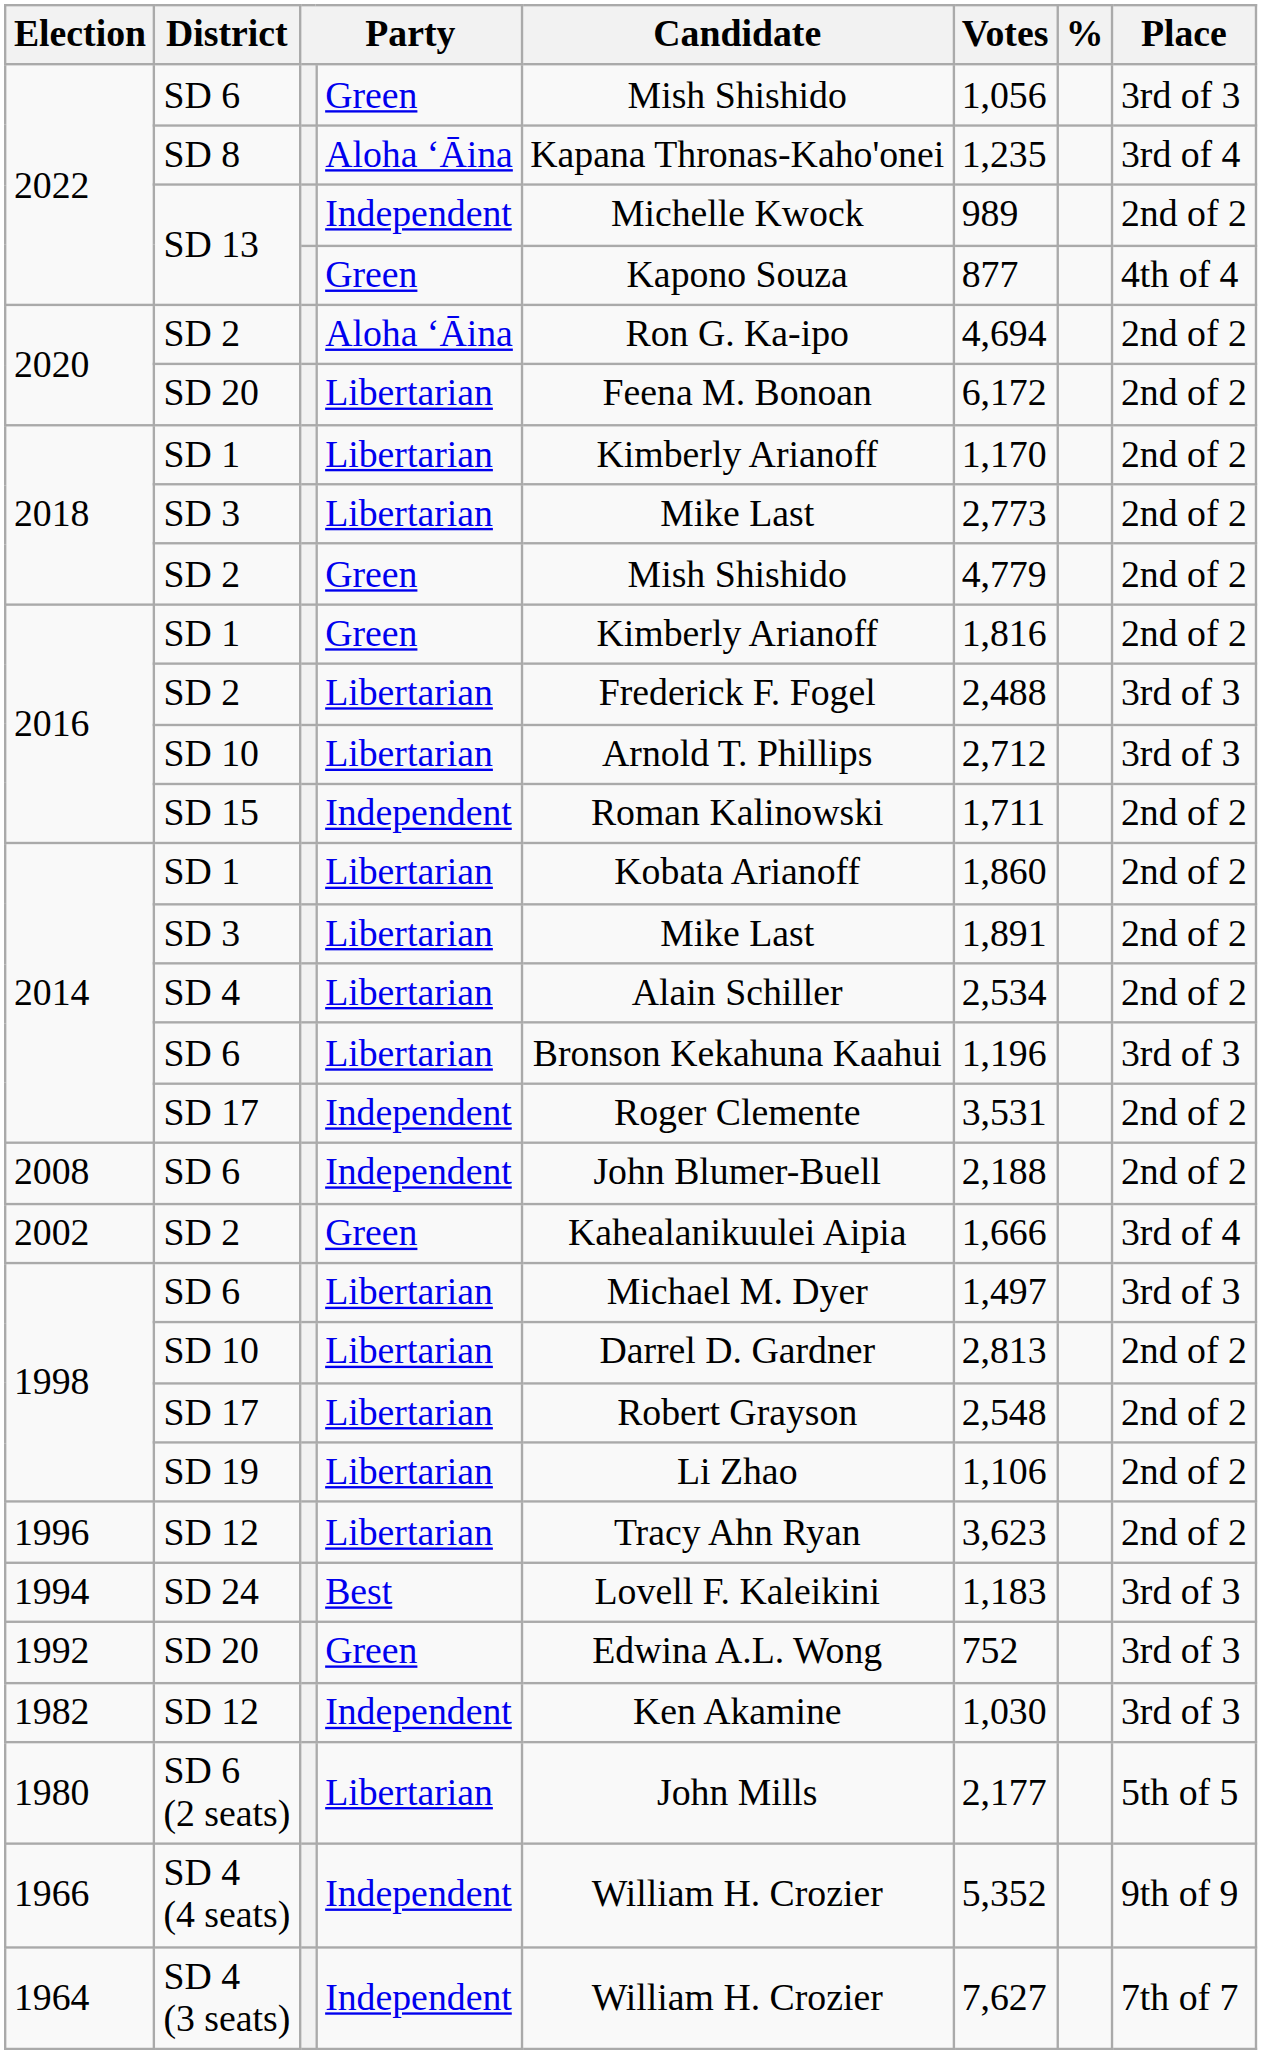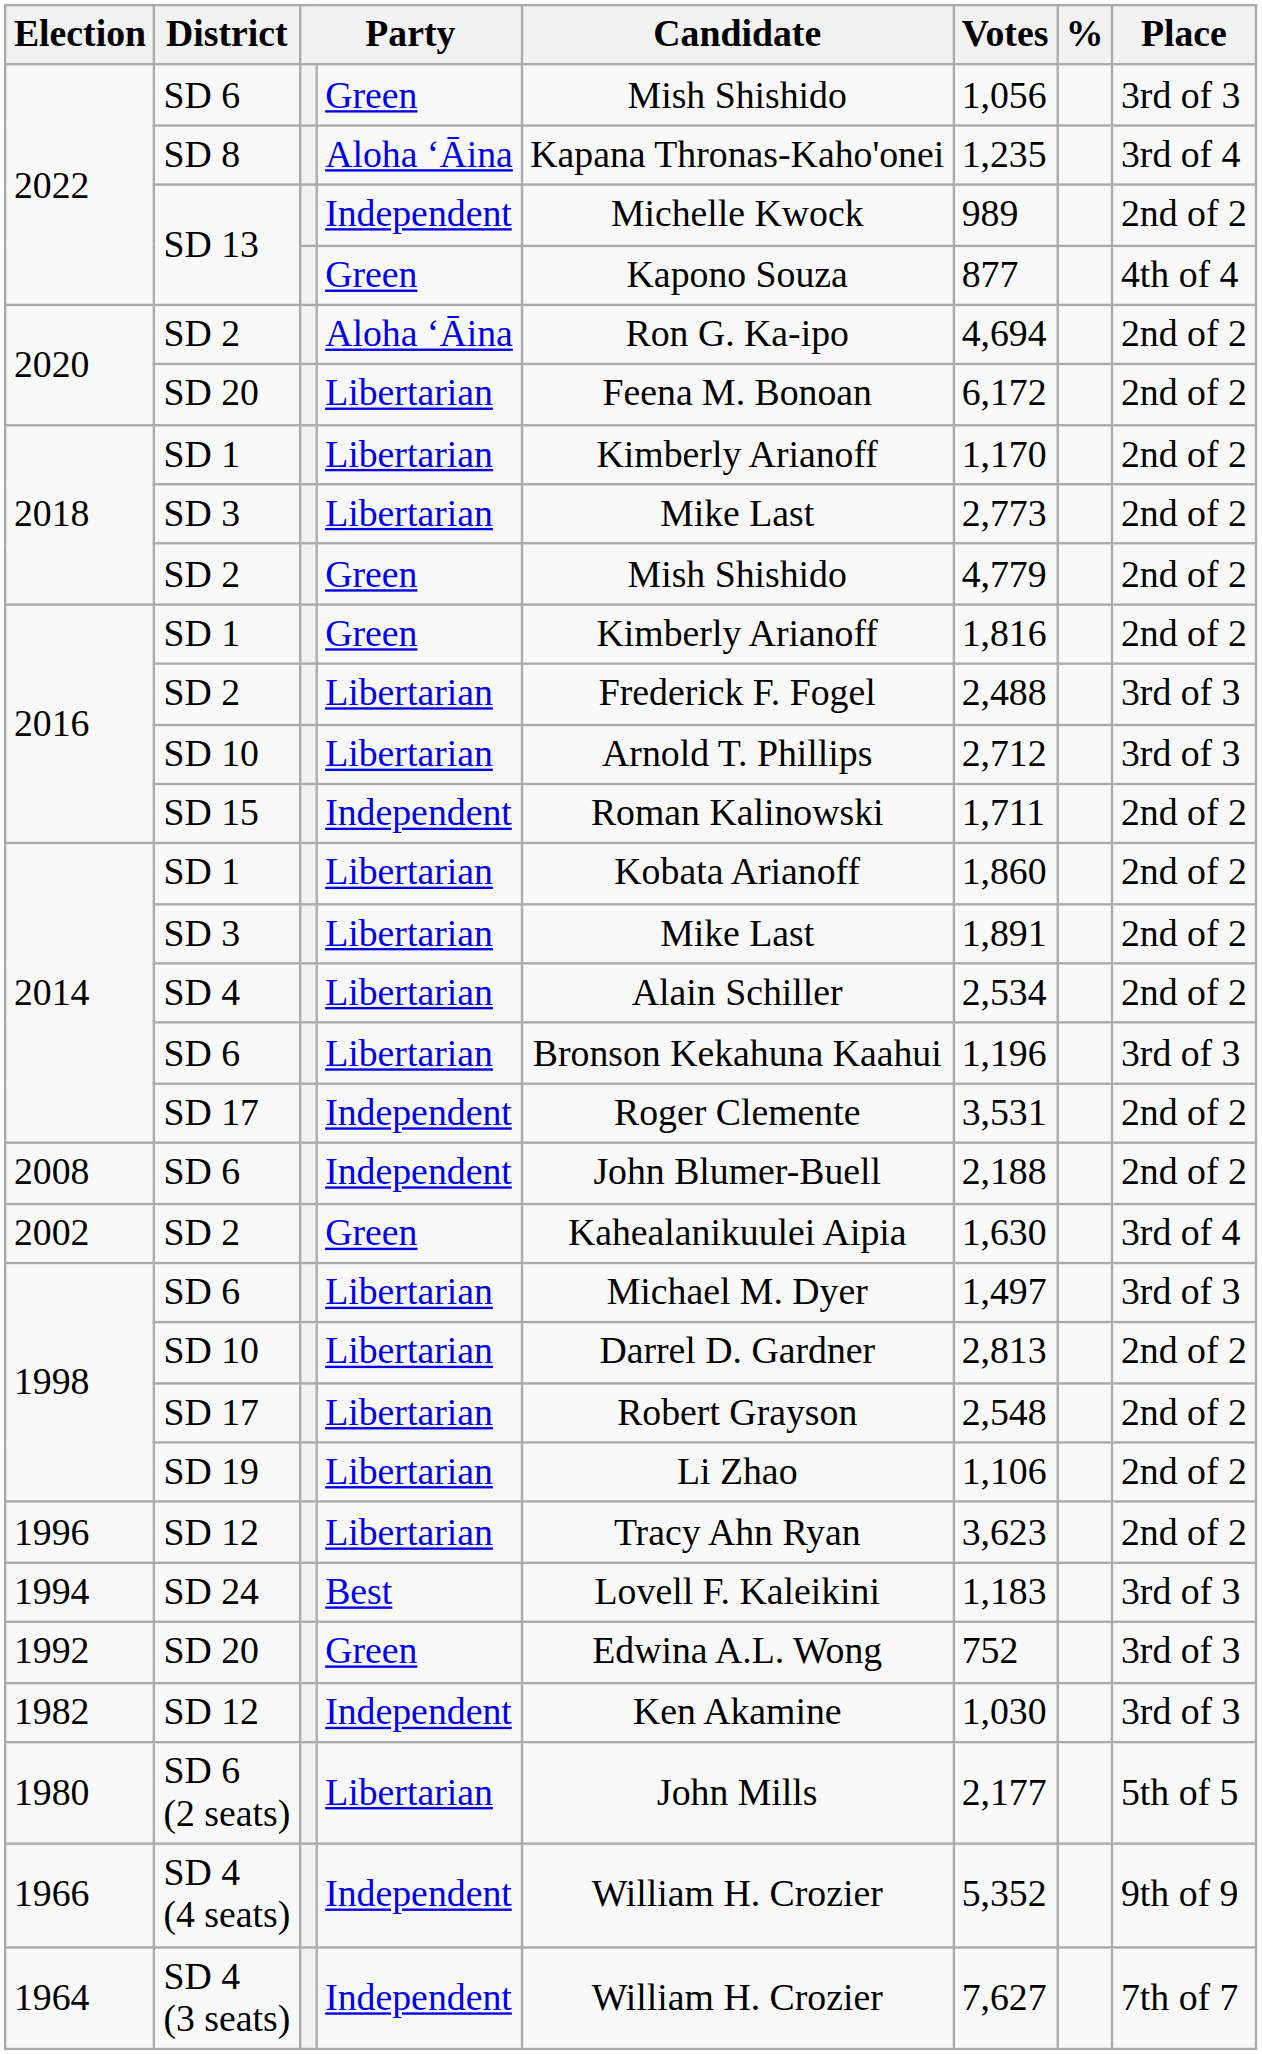 <table class="wikitable sortable">
 <tr>
 <th>Election</th>
 <th>District</th>
 <th colspan=2>Party</th>
 <th>Candidate</th>
 <th>Votes</th>
 <th>%</th>
 <th>Place</th>
 </tr>
 <tr>
 <td rowspan=4>2022</td>
 <td>SD 6</td>
 <th style="background-color:"></th>
 <td><a href='#'>Green</a></td>
 <td align="center">Mish Shishido</td>
 <td>1,056</td>
 <td></td>
 <td>3rd of 3</td>
 </tr>
 <tr>
 <td>SD 8</td>
 <th style="background-color:"></th>
 <td><a href='#'>Aloha ʻĀina</a></td>
 <td align="center">Kapana Thronas-Kaho'onei</td>
 <td>1,235</td>
 <td></td>
 <td>3rd of 4</td>
 </tr>
 <tr>
 <td rowspan=2>SD 13</td>
 <th style="background-color:"></th>
 <td><a href='#'>Independent</a></td>
 <td align="center">Michelle Kwock</td>
 <td>989</td>
 <td></td>
 <td>2nd of 2</td>
 </tr>
 <tr>
 <th style="background-color:"></th>
 <td><a href='#'>Green</a></td>
 <td align="center">Kapono Souza</td>
 <td>877</td>
 <td></td>
 <td>4th of 4</td>
 </tr>
 <tr>
 <td rowspan=2>2020</td>
 <td>SD 2</td>
 <th style="background-color:"></th>
 <td><a href='#'>Aloha ʻĀina</a></td>
 <td align="center">Ron G. Ka-ipo</td>
 <td>4,694</td>
 <td></td>
 <td>2nd of 2</td>
 </tr>
 <tr>
 <td>SD 20</td>
 <th style="background-color:"></th>
 <td><a href='#'>Libertarian</a></td>
 <td align="center">Feena M. Bonoan</td>
 <td>6,172</td>
 <td></td>
 <td>2nd of 2</td>
 </tr>
 <tr>
 <td rowspan=3>2018</td>
 <td>SD 1</td>
 <th style="background-color:"></th>
 <td><a href='#'>Libertarian</a></td>
 <td align="center">Kimberly Arianoff</td>
 <td>1,170</td>
 <td></td>
 <td>2nd of 2</td>
 </tr>
 <tr>
 <td>SD 3</td>
 <th style="background-color:"></th>
 <td><a href='#'>Libertarian</a></td>
 <td align="center">Mike Last</td>
 <td>2,773</td>
 <td></td>
 <td>2nd of 2</td>
 </tr>
 <tr>
 <td>SD 2</td>
 <th style="background-color:"></th>
 <td><a href='#'>Green</a></td>
 <td align="center">Mish Shishido</td>
 <td>4,779</td>
 <td></td>
 <td>2nd of 2</td>
 </tr>
 <tr>
 <td rowspan=4>2016</td>
 <td>SD 1</td>
 <th style="background-color:"></th>
 <td><a href='#'>Green</a></td>
 <td align="center">Kimberly Arianoff</td>
 <td>1,816</td>
 <td></td>
 <td>2nd of 2</td>
 </tr>
 <tr>
 <td>SD 2</td>
 <th style="background-color:"></th>
 <td><a href='#'>Libertarian</a></td>
 <td align="center">Frederick F. Fogel</td>
 <td>2,488</td>
 <td></td>
 <td>3rd of 3</td>
 </tr>
 <tr>
 <td>SD 10</td>
 <th style="background-color:"></th>
 <td><a href='#'>Libertarian</a></td>
 <td align="center">Arnold T. Phillips</td>
 <td>2,712</td>
 <td></td>
 <td>3rd of 3</td>
 </tr>
 <tr>
 <td>SD 15</td>
 <th style="background-color:"></th>
 <td><a href='#'>Independent</a></td>
 <td align="center">Roman Kalinowski</td>
 <td>1,711</td>
 <td></td>
 <td>2nd of 2</td>
 </tr>
 <tr>
 <td rowspan=5>2014</td>
 <td>SD 1</td>
 <th style="background-color:"></th>
 <td><a href='#'>Libertarian</a></td>
 <td align="center">Kobata Arianoff</td>
 <td>1,860</td>
 <td></td>
 <td>2nd of 2</td>
 </tr>
 <tr>
 <td>SD 3</td>
 <th style="background-color:"></th>
 <td><a href='#'>Libertarian</a></td>
 <td align="center">Mike Last</td>
 <td>1,891</td>
 <td></td>
 <td>2nd of 2</td>
 </tr>
 <tr>
 <td>SD 4</td>
 <th style="background-color:"></th>
 <td><a href='#'>Libertarian</a></td>
 <td align="center">Alain Schiller</td>
 <td>2,534</td>
 <td></td>
 <td>2nd of 2</td>
 </tr>
 <tr>
 <td>SD 6</td>
 <th style="background-color:"></th>
 <td><a href='#'>Libertarian</a></td>
 <td align="center">Bronson Kekahuna Kaahui</td>
 <td>1,196</td>
 <td></td>
 <td>3rd of 3</td>
 </tr>
 <tr>
 <td>SD 17</td>
 <th style="background-color:"></th>
 <td><a href='#'>Independent</a></td>
 <td align="center">Roger Clemente</td>
 <td>3,531</td>
 <td></td>
 <td>2nd of 2</td>
 </tr>
 <tr>
 <td>2008</td>
 <td>SD 6</td>
 <th style="background-color:"></th>
 <td><a href='#'>Independent</a></td>
 <td align="center">John Blumer-Buell</td>
 <td>2,188</td>
 <td></td>
 <td>2nd of 2</td>
 </tr>
 <tr>
 <td>2002</td>
 <td>SD 2</td>
 <th style="background-color:"></th>
 <td><a href='#'>Green</a></td>
 <td align="center">Kahealanikuulei Aipia</td>
-<td>1,666</td>
+<td>1,630</td>
 <td></td>
 <td>3rd of 4</td>
 </tr>
 <tr>
 <td rowspan=4>1998</td>
 <td>SD 6</td>
 <th style="background-color:"></th>
 <td><a href='#'>Libertarian</a></td>
 <td align="center">Michael M. Dyer</td>
 <td>1,497</td>
 <td></td>
 <td>3rd of 3</td>
 </tr>
 <tr>
 <td>SD 10</td>
 <th style="background-color:"></th>
 <td><a href='#'>Libertarian</a></td>
 <td align="center">Darrel D. Gardner</td>
 <td>2,813</td>
 <td></td>
 <td>2nd of 2</td>
 </tr>
 <tr>
 <td>SD 17</td>
 <th style="background-color:"></th>
 <td><a href='#'>Libertarian</a></td>
 <td align="center">Robert Grayson</td>
 <td>2,548</td>
 <td></td>
 <td>2nd of 2</td>
 </tr>
 <tr>
 <td>SD 19</td>
 <th style="background-color:"></th>
 <td><a href='#'>Libertarian</a></td>
 <td align="center">Li Zhao</td>
 <td>1,106</td>
 <td></td>
 <td>2nd of 2</td>
 </tr>
 <tr>
 <td>1996</td>
 <td>SD 12</td>
 <th style="background-color:"></th>
 <td><a href='#'>Libertarian</a></td>
 <td align="center">Tracy Ahn Ryan</td>
 <td>3,623</td>
 <td></td>
 <td>2nd of 2</td>
 </tr>
 <tr>
 <td>1994</td>
 <td>SD 24</td>
 <th style="background-color:"></th>
 <td><a href='#'>Best</a></td>
 <td align="center">Lovell F. Kaleikini</td>
 <td>1,183</td>
 <td></td>
 <td>3rd of 3</td>
 </tr>
 <tr>
 <td>1992</td>
 <td>SD 20</td>
 <th style="background-color:"></th>
 <td><a href='#'>Green</a></td>
 <td align="center">Edwina A.L. Wong</td>
 <td>752</td>
 <td></td>
 <td>3rd of 3</td>
 </tr>
 <tr>
 <td>1982</td>
 <td>SD 12</td>
 <th style="background-color:"></th>
 <td><a href='#'>Independent</a></td>
 <td align="center">Ken Akamine</td>
 <td>1,030</td>
 <td></td>
 <td>3rd of 3</td>
 </tr>
 <tr>
 <td>1980</td>
 <td>SD 6<br>(2 seats)</td>
 <th style="background-color:"></th>
 <td><a href='#'>Libertarian</a></td>
 <td align="center">John Mills</td>
 <td>2,177</td>
 <td></td>
 <td>5th of 5</td>
 </tr>
 <tr>
 <td>1966</td>
 <td>SD 4<br>(4 seats)</td>
 <th style="background-color:"></th>
 <td><a href='#'>Independent</a></td>
 <td align="center">William H. Crozier</td>
 <td>5,352</td>
 <td></td>
 <td>9th of 9</td>
 </tr>
 <tr>
 <td>1964</td>
 <td>SD 4<br>(3 seats)</td>
 <th style="background-color:"></th>
 <td><a href='#'>Independent</a></td>
 <td align="center">William H. Crozier</td>
 <td>7,627</td>
 <td></td>
 <td>7th of 7</td>
 </tr>
 </table>
